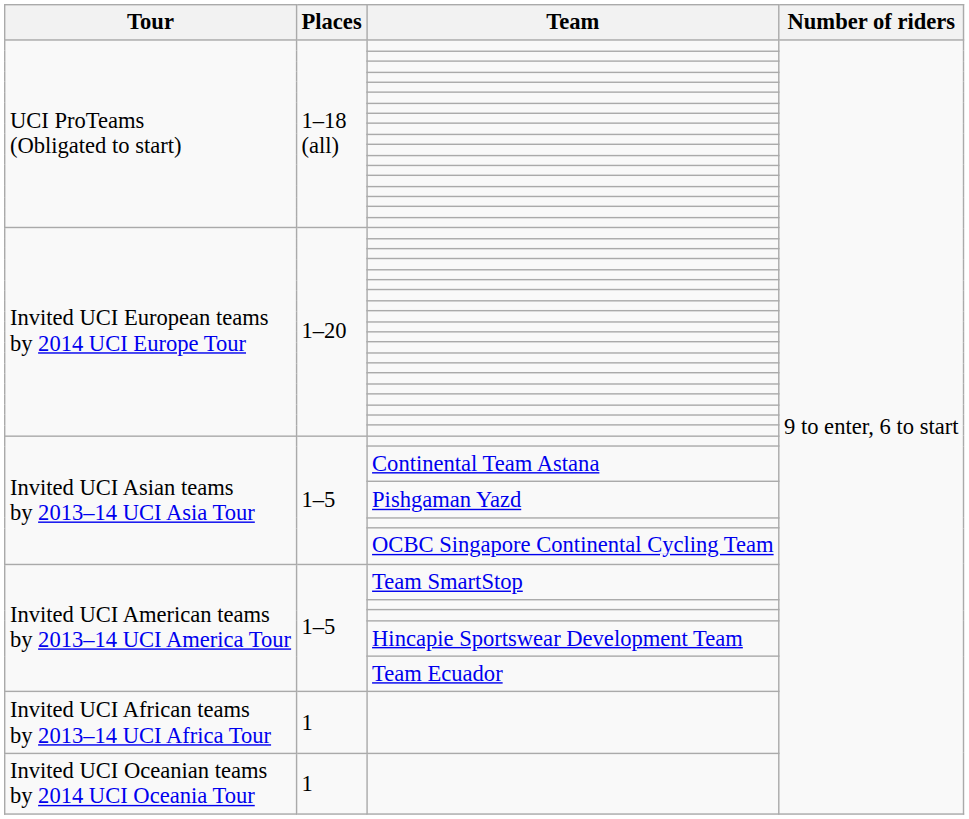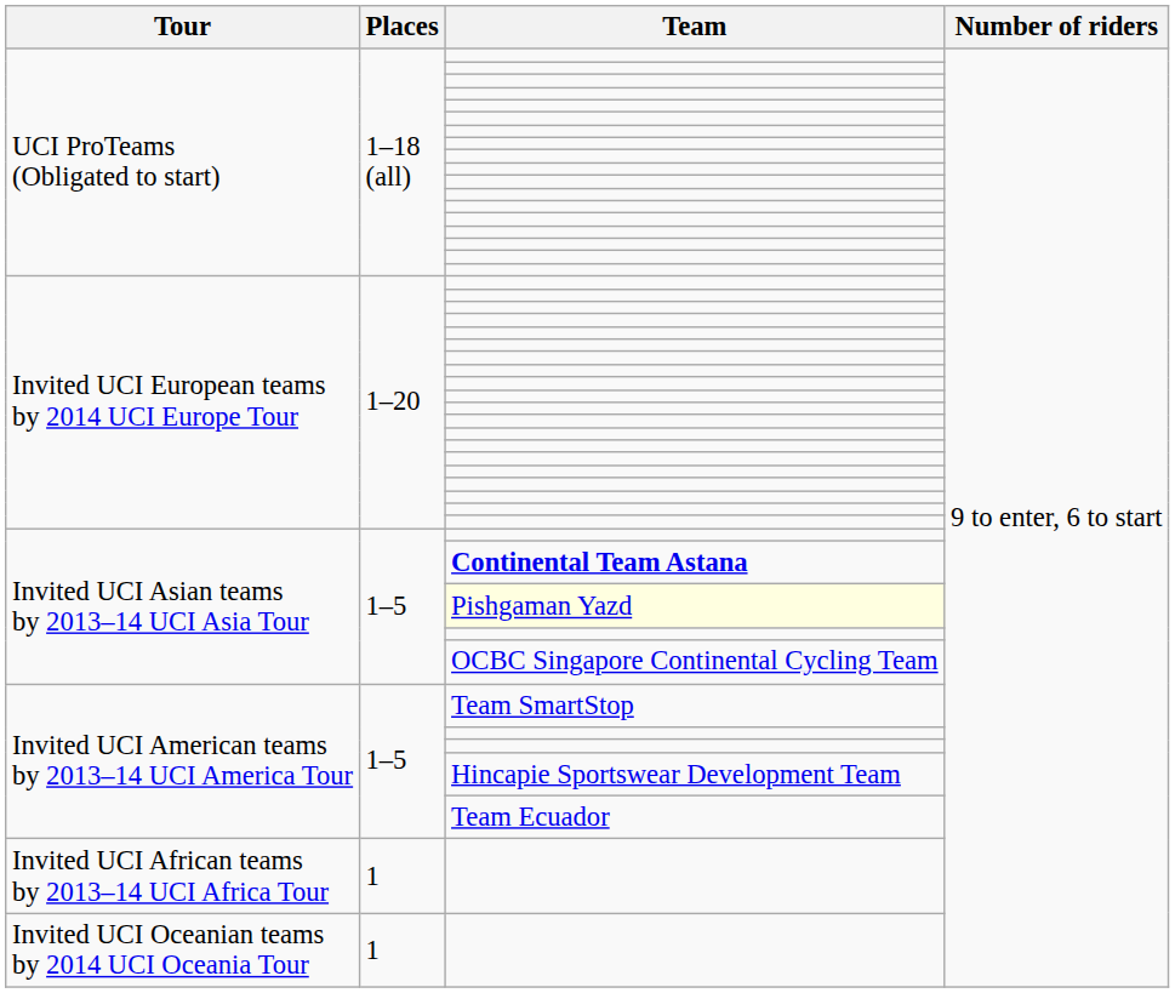 <table class="wikitable">
 <tr>
 <th>Tour</th>
 <th>Places</th>
 <th>Team</th>
 <th>Number of riders</th>
 </tr>
 <tr>
 <td rowspan=18>UCI ProTeams<br>(Obligated to start)</td>
 <td rowspan=18>1–18<br>(all)</td>
 <td> </td>
 <td rowspan=50>9 to enter, 6 to start</td>
 </tr>
 <tr>
 <td> </td>
 </tr>
 <tr>
 <td> </td>
 </tr>
 <tr>
 <td> </td>
 </tr>
 <tr>
 <td> </td>
 </tr>
 <tr>
 <td> </td>
 </tr>
 <tr>
 <td> </td>
 </tr>
 <tr>
 <td> </td>
 </tr>
 <tr>
 <td> </td>
 </tr>
 <tr>
 <td> </td>
 </tr>
 <tr>
 <td> </td>
 </tr>
 <tr>
 <td> </td>
 </tr>
 <tr>
 <td> </td>
 </tr>
 <tr>
 <td> </td>
 </tr>
 <tr>
 <td> </td>
 </tr>
 <tr>
 <td> </td>
 </tr>
 <tr>
 <td> </td>
 </tr>
 <tr>
 <td> </td>
 </tr>
 <tr>
 <td rowspan=20>Invited UCI European teams<br>by <a href='#'>2014 UCI Europe Tour</a></td>
 <td rowspan=20>1–20</td>
 <td> </td>
 </tr>
 <tr>
 <td> </td>
 </tr>
 <tr>
 <td> </td>
 </tr>
 <tr>
 <td> </td>
 </tr>
 <tr>
 <td> </td>
 </tr>
 <tr>
 <td> </td>
 </tr>
 <tr>
 <td> </td>
 </tr>
 <tr>
 <td> </td>
 </tr>
 <tr>
 <td> </td>
 </tr>
 <tr>
 <td> </td>
 </tr>
 <tr>
 <td> </td>
 </tr>
 <tr>
 <td> </td>
 </tr>
 <tr>
 <td> </td>
 </tr>
 <tr>
 <td> </td>
 </tr>
 <tr>
 <td> </td>
 </tr>
 <tr>
 <td> </td>
 </tr>
 <tr>
 <td> </td>
 </tr>
 <tr>
 <td> </td>
 </tr>
 <tr>
 <td> </td>
 </tr>
 <tr>
 <td> </td>
 </tr>
 <tr>
 <td rowspan=5>Invited UCI Asian teams<br>by <a href='#'>2013–14 UCI Asia Tour</a></td>
 <td rowspan=5>1–5</td>
 <td> </td>
 </tr>
 <tr>
-<td> <a href='#'>Continental Team Astana</a></td>
+<td><strong> <a href='#'>Continental Team Astana</a></strong></td>
 </tr>
 <tr>
-<td> <a href='#'>Pishgaman Yazd</a></td>
+<td style="background: lightyellow;"> <a href='#'>Pishgaman Yazd</a></td>
 </tr>
 <tr>
 <td> </td>
 </tr>
 <tr>
 <td> <a href='#'>OCBC Singapore Continental Cycling Team</a></td>
 </tr>
 <tr>
 <td rowspan=5>Invited UCI American teams<br>by <a href='#'>2013–14 UCI America Tour</a></td>
 <td rowspan=5>1–5</td>
 <td> <a href='#'>Team SmartStop</a></td>
 </tr>
 <tr>
 <td> </td>
 </tr>
 <tr>
 <td> </td>
 </tr>
 <tr>
 <td> <a href='#'>Hincapie Sportswear Development Team</a></td>
 </tr>
 <tr>
 <td> <a href='#'>Team Ecuador</a></td>
 </tr>
 <tr>
 <td>Invited UCI African teams<br>by <a href='#'>2013–14 UCI Africa Tour</a></td>
 <td>1</td>
 <td> </td>
 </tr>
 <tr>
 <td>Invited UCI Oceanian teams<br>by <a href='#'>2014 UCI Oceania Tour</a></td>
 <td>1</td>
 <td> </td>
 </tr>
 </table>
